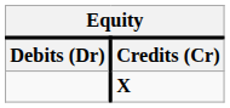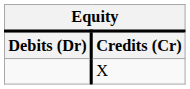 <table class="wikitable">
 <tr>
 <th style="border-bottom:3px solid black" colspan="2">Equity</th>
 </tr>
 <tr>
 <th style="border-right:3px solid black">Debits (Dr)</th>
 <th>Credits (Cr)</th>
 </tr>
 <tr>
 <td style="border-right:3px solid black"> </td>
-<td><strong>X</strong></td>
+<td>X</td>
 </tr>
 </table>
